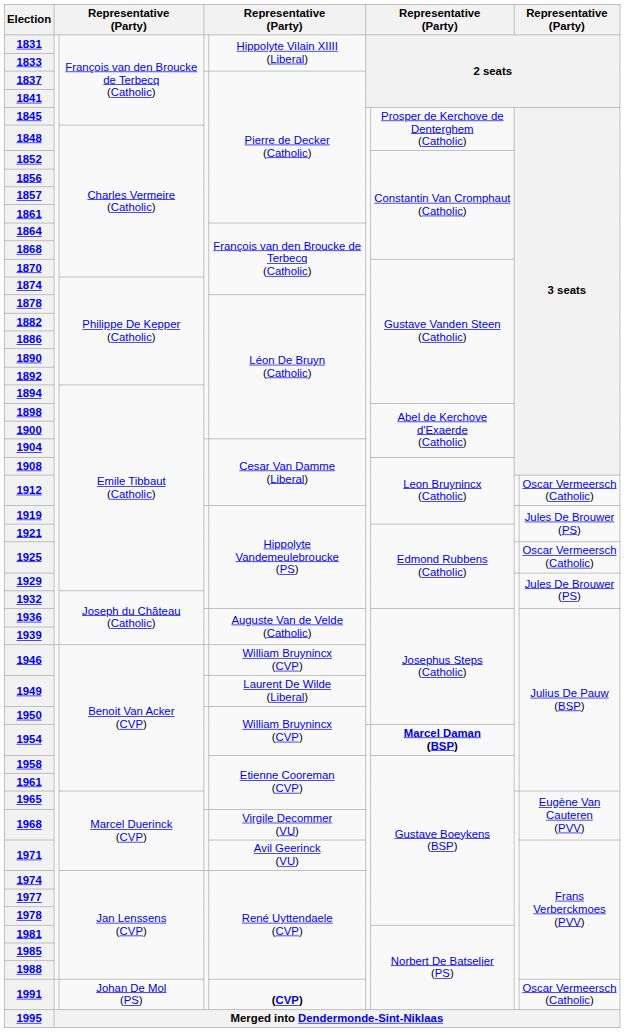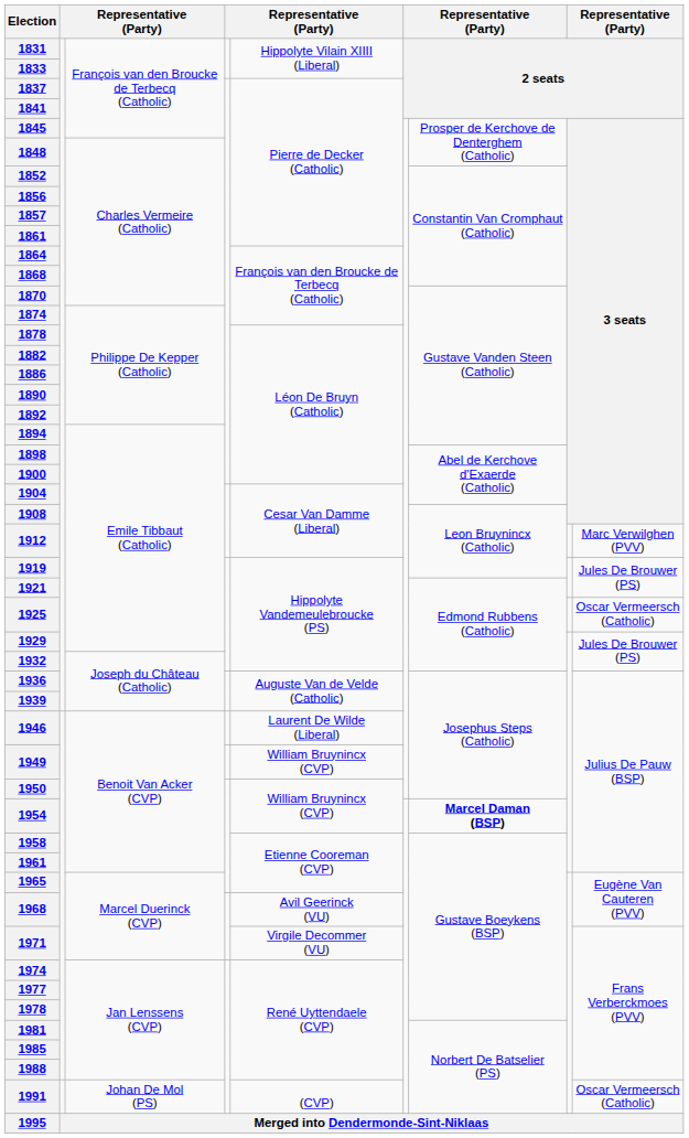 <table class="wikitable" style="text-align:center">
 <tr>
 <th>Election</th>
 <th colspan=2>Representative<br>(Party)</th>
 <th colspan=2>Representative<br>(Party)</th>
 <th colspan=2>Representative<br>(Party)</th>
 <th colspan=2>Representative<br>(Party)</th>
 </tr>
 <tr>
 <th><a href='#'>1831</a></th>
 <td rowspan=32; style="background-color: "></td>
 <td rowspan=5><a href='#'>François van den Broucke de Terbecq</a><br>(<a href='#'>Catholic</a>)</td>
 <td rowspan=2; style="background-color: "></td>
 <td rowspan=2><a href='#'>Hippolyte Vilain XIIII</a><br>(<a href='#'>Liberal</a>)</td>
 <th rowspan=4; colspan=4>2 seats</th>
 </tr>
 <tr>
 <th><a href='#'>1833</a></th>
 </tr>
 <tr>
 <th><a href='#'>1837</a></th>
 <td rowspan=20; style="background-color: "></td>
 <td rowspan=8><a href='#'>Pierre de Decker</a><br>(<a href='#'>Catholic</a>)</td>
 </tr>
 <tr>
 <th><a href='#'>1841</a></th>
 </tr>
 <tr>
 <th><a href='#'>1845</a></th>
 <td rowspan=31; style="background-color: "></td>
 <td rowspan=2><a href='#'>Prosper de Kerchove de Denterghem</a><br>(<a href='#'>Catholic</a>)</td>
 <th colspan=2; rowspan=20>3 seats</th>
 </tr>
 <tr>
 <th><a href='#'>1848</a></th>
 <td rowspan=8><a href='#'>Charles Vermeire</a><br>(<a href='#'>Catholic</a>)</td>
 </tr>
 <tr>
 <th><a href='#'>1852</a></th>
 <td rowspan=6><a href='#'>Constantin Van Cromphaut</a><br>(<a href='#'>Catholic</a>)</td>
 </tr>
 <tr>
 <th><a href='#'>1856</a></th>
 </tr>
 <tr>
 <th><a href='#'>1857</a></th>
 </tr>
 <tr>
 <th><a href='#'>1861</a></th>
 </tr>
 <tr>
 <th><a href='#'>1864</a></th>
 <td rowspan=4><a href='#'>François van den Broucke de Terbecq</a><br>(<a href='#'>Catholic</a>)</td>
 </tr>
 <tr>
 <th><a href='#'>1868</a></th>
 </tr>
 <tr>
 <th><a href='#'>1870</a></th>
 <td rowspan=8><a href='#'>Gustave Vanden Steen</a><br>(<a href='#'>Catholic</a>)</td>
 </tr>
 <tr>
 <th><a href='#'>1874</a></th>
 <td rowspan=6><a href='#'>Philippe De Kepper</a><br>(<a href='#'>Catholic</a>)</td>
 </tr>
 <tr>
 <th><a href='#'>1878</a></th>
 <td rowspan=8><a href='#'>Léon De Bruyn</a><br>(<a href='#'>Catholic</a>)</td>
 </tr>
 <tr>
 <th><a href='#'>1882</a></th>
 </tr>
 <tr>
 <th><a href='#'>1886</a></th>
 </tr>
 <tr>
 <th><a href='#'>1890</a></th>
 </tr>
 <tr>
 <th><a href='#'>1892</a></th>
 </tr>
 <tr>
 <th><a href='#'>1894</a></th>
 <td rowspan=10><a href='#'>Emile Tibbaut</a><br>(<a href='#'>Catholic</a>)</td>
 </tr>
 <tr>
 <th><a href='#'>1898</a></th>
 <td rowspan=3><a href='#'>Abel de Kerchove d'Exaerde</a><br>(<a href='#'>Catholic</a>)</td>
 </tr>
 <tr>
 <th><a href='#'>1900</a></th>
 </tr>
 <tr>
 <th><a href='#'>1904</a></th>
 <td rowspan=3; style="background-color: "></td>
 <td rowspan=3><a href='#'>Cesar Van Damme</a><br>(<a href='#'>Liberal</a>)</td>
 </tr>
 <tr>
 <th><a href='#'>1908</a></th>
 <td rowspan=3><a href='#'>Leon Bruynincx</a><br>(<a href='#'>Catholic</a>)</td>
 </tr>
 <tr>
 <th><a href='#'>1912</a></th>
 <td rowspan=1; style="background-color: "></td>
-<td rowspan=1><a href='#'>Oscar Vermeersch</a><br>(<a href='#'>Catholic</a>)</td>
+<td rowspan=1><a href='#'>Marc Verwilghen</a><br>(<a href='#'>PVV</a>)</td>
 </tr>
 <tr>
 <th><a href='#'>1919</a></th>
 <td rowspan=5; style="background-color: "></td>
 <td rowspan=5><a href='#'>Hippolyte Vandemeulebroucke</a><br>(<a href='#'>PS</a>)</td>
 <td rowspan=2; style="background-color: "></td>
 <td rowspan=2><a href='#'>Jules De Brouwer</a><br>(<a href='#'>PS</a>)</td>
 </tr>
 <tr>
 <th><a href='#'>1921</a></th>
 <td rowspan=4><a href='#'>Edmond Rubbens</a><br>(<a href='#'>Catholic</a>)</td>
 </tr>
 <tr>
 <th><a href='#'>1925</a></th>
 <td rowspan=1; style="background-color: "></td>
 <td rowspan=1><a href='#'>Oscar Vermeersch</a><br>(<a href='#'>Catholic</a>)</td>
 </tr>
 <tr>
 <th><a href='#'>1929</a></th>
 <td rowspan=10; style="background-color: "></td>
 <td rowspan=2><a href='#'>Jules De Brouwer</a><br>(<a href='#'>PS</a>)</td>
 </tr>
 <tr>
 <th><a href='#'>1932</a></th>
 <td rowspan=3><a href='#'>Joseph du Château</a><br>(<a href='#'>Catholic</a>)</td>
 </tr>
 <tr>
 <th><a href='#'>1936</a></th>
 <td rowspan=2; style="background-color: "></td>
 <td rowspan=2><a href='#'>Auguste Van de Velde</a><br>(<a href='#'>Catholic</a>)</td>
 <td rowspan=5><a href='#'>Josephus Steps</a><br>(<a href='#'>Catholic</a>)</td>
 <td rowspan=8><a href='#'>Julius De Pauw</a><br>(<a href='#'>BSP</a>)</td>
 </tr>
 <tr>
 <th><a href='#'>1939</a></th>
 </tr>
 <tr>
 <th><a href='#'>1946</a></th>
 <td rowspan=15; style="background-color: "></td>
 <td rowspan=6><a href='#'>Benoit Van Acker</a><br>(<a href='#'>CVP</a>)</td>
 <td rowspan=1; style="background-color: "></td>
-<td rowspan=1><a href='#'>William Bruynincx</a><br>(<a href='#'>CVP</a>)</td>
+<td rowspan=1><a href='#'>Laurent De Wilde</a><br>(<a href='#'>Liberal</a>)</td>
 </tr>
 <tr>
 <th><a href='#'>1949</a></th>
 <td rowspan=1; style="background-color: "></td>
-<td rowspan=1><a href='#'>Laurent De Wilde</a><br>(<a href='#'>Liberal</a>)</td>
+<td rowspan=1><a href='#'>William Bruynincx</a><br>(<a href='#'>CVP</a>)</td>
 </tr>
 <tr>
 <th><a href='#'>1950</a></th>
 <td rowspan=5; style="background-color: "></td>
 <td rowspan=2><a href='#'>William Bruynincx</a><br>(<a href='#'>CVP</a>)</td>
 </tr>
 <tr>
 <th><a href='#'>1954</a></th>
 <td rowspan=13; style="background-color: "></td>
 <td rowspan=1><strong><a href='#'>Marcel Daman</a><br>(<a href='#'>BSP</a>)</strong></td>
 </tr>
 <tr>
 <th><a href='#'>1958</a></th>
 <td rowspan=3><a href='#'>Etienne Cooreman</a><br>(<a href='#'>CVP</a>)</td>
 <td rowspan=8><a href='#'>Gustave Boeykens</a><br>(<a href='#'>BSP</a>)</td>
 </tr>
 <tr>
 <th><a href='#'>1961</a></th>
 </tr>
 <tr>
 <th><a href='#'>1965</a></th>
 <td rowspan=3><a href='#'>Marcel Duerinck</a><br>(<a href='#'>CVP</a>)</td>
 <td rowspan=10; style="background-color: "></td>
 <td rowspan=2><a href='#'>Eugène Van Cauteren</a><br>(<a href='#'>PVV</a>)</td>
 </tr>
 <tr>
 <th><a href='#'>1968</a></th>
 <td rowspan=2; style="background-color: "></td>
-<td rowspan=1><a href='#'>Virgile Decommer</a><br>(<a href='#'>VU</a>)</td>
+<td rowspan=1><a href='#'>Avil Geerinck</a><br>(<a href='#'>VU</a>)</td>
 </tr>
 <tr>
 <th><a href='#'>1971</a></th>
-<td rowspan=1><a href='#'>Avil Geerinck</a><br>(<a href='#'>VU</a>)</td>
+<td rowspan=1><a href='#'>Virgile Decommer</a><br>(<a href='#'>VU</a>)</td>
 <td rowspan=7><a href='#'>Frans Verberckmoes</a><br>(<a href='#'>PVV</a>)</td>
 </tr>
 <tr>
 <th><a href='#'>1974</a></th>
 <td rowspan=6><a href='#'>Jan Lenssens</a><br>(<a href='#'>CVP</a>)</td>
 <td rowspan=7; style="background-color: "></td>
 <td rowspan=6><a href='#'>René Uyttendaele</a><br>(<a href='#'>CVP</a>)</td>
 </tr>
 <tr>
 <th><a href='#'>1977</a></th>
 </tr>
 <tr>
 <th><a href='#'>1978</a></th>
 </tr>
 <tr>
 <th><a href='#'>1981</a></th>
 <td rowspan=4><a href='#'>Norbert De Batselier</a><br>(<a href='#'>PS</a>)</td>
 </tr>
 <tr>
 <th><a href='#'>1985</a></th>
 </tr>
 <tr>
 <th><a href='#'>1988</a></th>
 </tr>
 <tr>
 <th><a href='#'>1991</a></th>
 <td rowspan=1; style="background-color: "></td>
 <td rowspan=1><a href='#'>Johan De Mol</a><br>(<a href='#'>PS</a>)</td>
-<td rowspan=1><strong><br>(<a href='#'>CVP</a>)</strong></td>
+<td rowspan=1><br>(<a href='#'>CVP</a>)</td>
 <td rowspan=1><a href='#'>Oscar Vermeersch</a><br>(<a href='#'>Catholic</a>)</td>
 </tr>
 <tr>
 <th><a href='#'>1995</a></th>
 <th colspan=8>Merged into <a href='#'>Dendermonde-Sint-Niklaas</a></th>
 </tr>
 </table>
